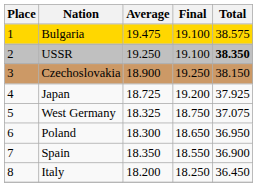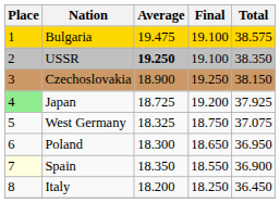 <table class="wikitable">
 <tr>
 <th>Place</th>
 <th>Nation</th>
 <th>Average</th>
 <th>Final</th>
 <th>Total</th>
 </tr>
 <tr bgcolor=gold>
 <td>1</td>
 <td> Bulgaria</td>
 <td>19.475</td>
 <td>19.100</td>
 <td>38.575</td>
 </tr>
 <tr bgcolor=silver>
 <td>2</td>
 <td> USSR</td>
-<td>19.250</td>
+<td><strong>19.250</strong></td>
 <td>19.100</td>
-<td><strong>38.350</strong></td>
+<td>38.350</td>
 </tr>
 <tr bgcolor=cc9966>
 <td>3</td>
 <td> Czechoslovakia</td>
 <td>18.900</td>
 <td>19.250</td>
 <td>38.150</td>
 </tr>
 <tr>
-<td>4</td>
+<td style="background: lightgreen;">4</td>
 <td> Japan</td>
 <td>18.725</td>
 <td>19.200</td>
 <td>37.925</td>
 </tr>
 <tr>
 <td>5</td>
 <td> West Germany</td>
 <td>18.325</td>
 <td>18.750</td>
 <td>37.075</td>
 </tr>
 <tr>
 <td>6</td>
 <td> Poland</td>
 <td>18.300</td>
 <td>18.650</td>
 <td>36.950</td>
 </tr>
 <tr>
-<td>7</td>
+<td style="background: lightyellow;">7</td>
 <td> Spain</td>
 <td>18.350</td>
 <td>18.550</td>
 <td>36.900</td>
 </tr>
 <tr>
 <td>8</td>
 <td> Italy</td>
 <td>18.200</td>
 <td>18.250</td>
 <td>36.450</td>
 </tr>
 <tr>
 </tr>
 </table>
